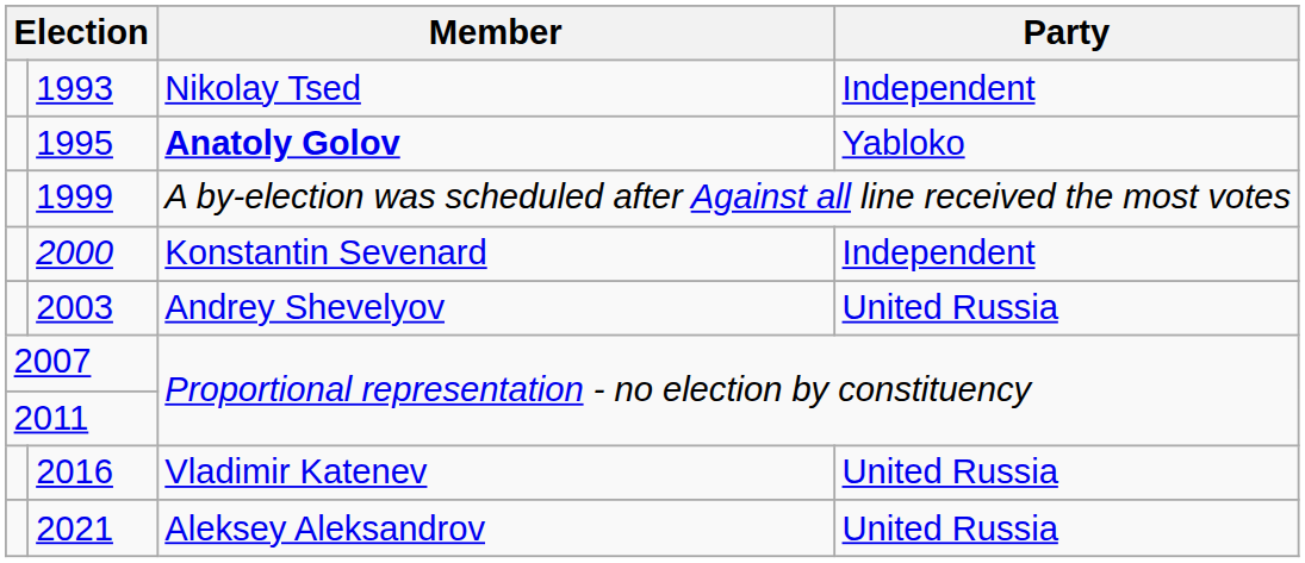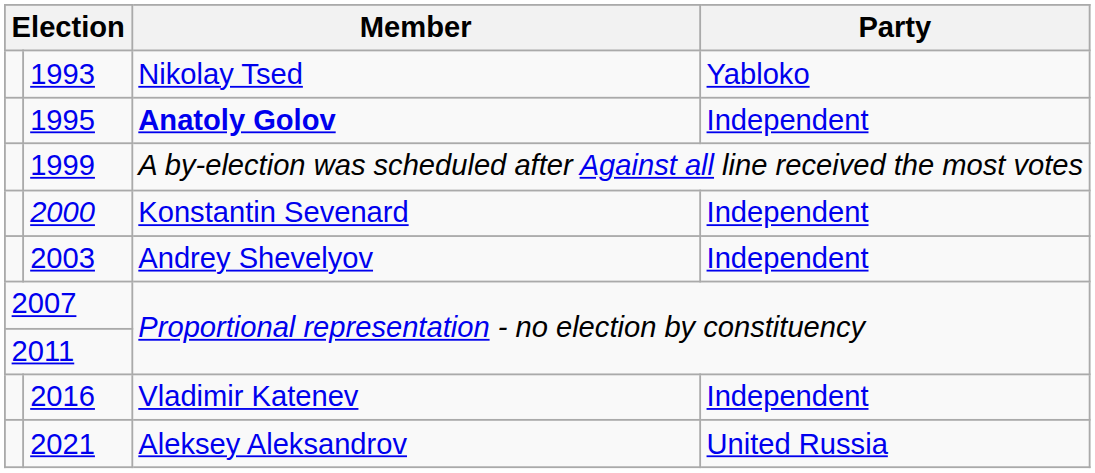 <table class="wikitable">
 <tr>
 <th colspan="2">Election</th>
 <th>Member</th>
 <th>Party</th>
 </tr>
 <tr>
 <td style="background-color:"></td>
 <td><a href='#'>1993</a></td>
 <td><a href='#'>Nikolay Tsed</a></td>
-<td><a href='#'>Independent</a></td>
+<td><a href='#'>Yabloko</a></td>
 </tr>
 <tr>
 <td style="background-color:"></td>
 <td><a href='#'>1995</a></td>
 <td><strong><a href='#'>Anatoly Golov</a></strong></td>
-<td><a href='#'>Yabloko</a></td>
+<td><a href='#'>Independent</a></td>
 </tr>
 <tr>
 <td style="background-color:"></td>
 <td><a href='#'>1999</a></td>
 <td colspan=2><em>A by-election was scheduled after <a href='#'>Against all</a> line received the most votes</em></td>
 </tr>
 <tr>
 <td style="background-color:"></td>
 <td><em><a href='#'>2000</a></em></td>
 <td><a href='#'>Konstantin Sevenard</a></td>
 <td><a href='#'>Independent</a></td>
 </tr>
 <tr>
 <td style="background-color:"></td>
 <td><a href='#'>2003</a></td>
 <td><a href='#'>Andrey Shevelyov</a></td>
-<td><a href='#'>United Russia</a></td>
+<td><a href='#'>Independent</a></td>
 </tr>
 <tr>
 <td colspan=2><a href='#'>2007</a></td>
 <td colspan=2 rowspan=2><em><a href='#'>Proportional representation</a> - no election by constituency</em></td>
 </tr>
 <tr>
 <td colspan=2><a href='#'>2011</a></td>
 </tr>
 <tr>
 <td style="background-color: "></td>
 <td><a href='#'>2016</a></td>
 <td><a href='#'>Vladimir Katenev</a></td>
-<td><a href='#'>United Russia</a></td>
+<td><a href='#'>Independent</a></td>
 </tr>
 <tr>
 <td style="background-color: "></td>
 <td><a href='#'>2021</a></td>
 <td><a href='#'>Aleksey Aleksandrov</a></td>
 <td><a href='#'>United Russia</a></td>
 </tr>
 </table>
